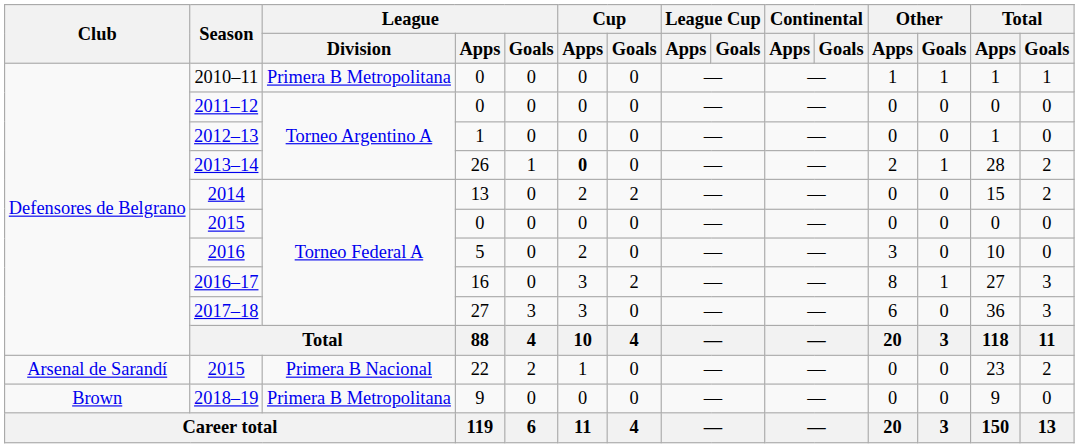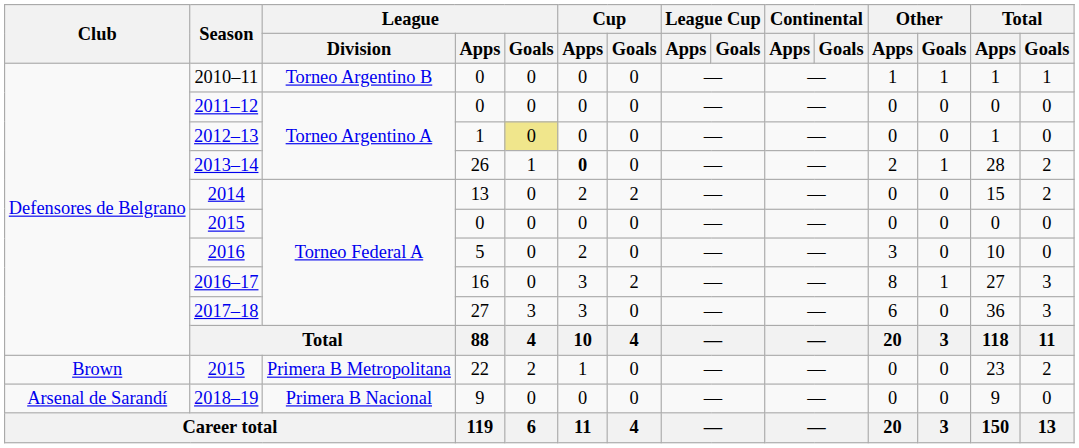 <table class="wikitable" style="text-align:center">
 <tr>
 <th rowspan="2">Club</th>
 <th rowspan="2">Season</th>
 <th colspan="3">League</th>
 <th colspan="2">Cup</th>
 <th colspan="2">League Cup</th>
 <th colspan="2">Continental</th>
 <th colspan="2">Other</th>
 <th colspan="2">Total</th>
 </tr>
 <tr>
 <th>Division</th>
 <th>Apps</th>
 <th>Goals</th>
 <th>Apps</th>
 <th>Goals</th>
 <th>Apps</th>
 <th>Goals</th>
 <th>Apps</th>
 <th>Goals</th>
 <th>Apps</th>
 <th>Goals</th>
 <th>Apps</th>
 <th>Goals</th>
 </tr>
 <tr>
 <td rowspan="10"><a href='#'>Defensores de Belgrano</a></td>
 <td>2010–11</td>
-<td rowspan="1"><a href='#'>Primera B Metropolitana</a></td>
+<td rowspan="1"><a href='#'>Torneo Argentino B</a></td>
 <td>0</td>
 <td>0</td>
 <td>0</td>
 <td>0</td>
 <td colspan="2">—</td>
 <td colspan="2">—</td>
 <td>1</td>
 <td>1</td>
 <td>1</td>
 <td>1</td>
 </tr>
 <tr>
 <td><a href='#'>2011–12</a></td>
 <td rowspan="3"><a href='#'>Torneo Argentino A</a></td>
 <td>0</td>
 <td>0</td>
 <td>0</td>
 <td>0</td>
 <td colspan="2">—</td>
 <td colspan="2">—</td>
 <td>0</td>
 <td>0</td>
 <td>0</td>
 <td>0</td>
 </tr>
 <tr>
 <td><a href='#'>2012–13</a></td>
 <td>1</td>
-<td>0</td>
+<td style="background: khaki;">0</td>
 <td>0</td>
 <td>0</td>
 <td colspan="2">—</td>
 <td colspan="2">—</td>
 <td>0</td>
 <td>0</td>
 <td>1</td>
 <td>0</td>
 </tr>
 <tr>
 <td><a href='#'>2013–14</a></td>
 <td>26</td>
 <td>1</td>
 <td><strong>0</strong></td>
 <td>0</td>
 <td colspan="2">—</td>
 <td colspan="2">—</td>
 <td>2</td>
 <td>1</td>
 <td>28</td>
 <td>2</td>
 </tr>
 <tr>
 <td><a href='#'>2014</a></td>
 <td rowspan="5"><a href='#'>Torneo Federal A</a></td>
 <td>13</td>
 <td>0</td>
 <td>2</td>
 <td>2</td>
 <td colspan="2">—</td>
 <td colspan="2">—</td>
 <td>0</td>
 <td>0</td>
 <td>15</td>
 <td>2</td>
 </tr>
 <tr>
 <td><a href='#'>2015</a></td>
 <td>0</td>
 <td>0</td>
 <td>0</td>
 <td>0</td>
 <td colspan="2">—</td>
 <td colspan="2">—</td>
 <td>0</td>
 <td>0</td>
 <td>0</td>
 <td>0</td>
 </tr>
 <tr>
 <td><a href='#'>2016</a></td>
 <td>5</td>
 <td>0</td>
 <td>2</td>
 <td>0</td>
 <td colspan="2">—</td>
 <td colspan="2">—</td>
 <td>3</td>
 <td>0</td>
 <td>10</td>
 <td>0</td>
 </tr>
 <tr>
 <td><a href='#'>2016–17</a></td>
 <td>16</td>
 <td>0</td>
 <td>3</td>
 <td>2</td>
 <td colspan="2">—</td>
 <td colspan="2">—</td>
 <td>8</td>
 <td>1</td>
 <td>27</td>
 <td>3</td>
 </tr>
 <tr>
 <td><a href='#'>2017–18</a></td>
 <td>27</td>
 <td>3</td>
 <td>3</td>
 <td>0</td>
 <td colspan="2">—</td>
 <td colspan="2">—</td>
 <td>6</td>
 <td>0</td>
 <td>36</td>
 <td>3</td>
 </tr>
 <tr>
 <th colspan="2">Total</th>
 <th>88</th>
 <th>4</th>
 <th>10</th>
 <th>4</th>
 <th colspan="2">—</th>
 <th colspan="2">—</th>
 <th>20</th>
 <th>3</th>
 <th>118</th>
 <th>11</th>
 </tr>
 <tr>
-<td rowspan="1"><a href='#'>Arsenal de Sarandí</a></td>
+<td rowspan="1"><a href='#'>Brown</a></td>
 <td><a href='#'>2015</a></td>
-<td rowspan="1"><a href='#'>Primera B Nacional</a></td>
+<td rowspan="1"><a href='#'>Primera B Metropolitana</a></td>
 <td>22</td>
 <td>2</td>
 <td>1</td>
 <td>0</td>
 <td colspan="2">—</td>
 <td colspan="2">—</td>
 <td>0</td>
 <td>0</td>
 <td>23</td>
 <td>2</td>
 </tr>
 <tr>
-<td rowspan="1"><a href='#'>Brown</a></td>
+<td rowspan="1"><a href='#'>Arsenal de Sarandí</a></td>
 <td><a href='#'>2018–19</a></td>
-<td rowspan="1"><a href='#'>Primera B Metropolitana</a></td>
+<td rowspan="1"><a href='#'>Primera B Nacional</a></td>
 <td>9</td>
 <td>0</td>
 <td>0</td>
 <td>0</td>
 <td colspan="2">—</td>
 <td colspan="2">—</td>
 <td>0</td>
 <td>0</td>
 <td>9</td>
 <td>0</td>
 </tr>
 <tr>
 <th colspan="3">Career total</th>
 <th>119</th>
 <th>6</th>
 <th>11</th>
 <th>4</th>
 <th colspan="2">—</th>
 <th colspan="2">—</th>
 <th>20</th>
 <th>3</th>
 <th>150</th>
 <th>13</th>
 </tr>
 </table>
